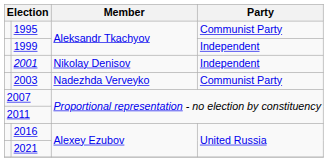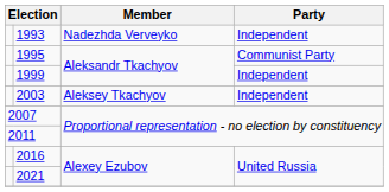 <table class="wikitable">
 <tr>
 <th colspan="2">Election</th>
 <th>Member</th>
 <th>Party</th>
+</tr>
+<tr>
+<td style="background-color: "></td>
+<td><a href='#'>1993</a></td>
+<td><a href='#'>Nadezhda Verveyko</a></td>
+<td><a href='#'>Independent</a></td>
 </tr>
 <tr>
 <td style="background-color: "></td>
 <td><a href='#'>1995</a></td>
 <td rowspan=2><a href='#'>Aleksandr Tkachyov</a></td>
 <td><a href='#'>Communist Party</a></td>
 </tr>
 <tr>
 <td style="background-color: "></td>
 <td><a href='#'>1999</a></td>
 <td><a href='#'>Independent</a></td>
 </tr>
 <tr>
-<td style="background-color: "></td>
-<td><em><a href='#'>2001</a></em></td>
-<td><a href='#'>Nikolay Denisov</a></td>
-<td><a href='#'>Independent</a></td>
-</tr>
-<tr>
 <td style="background-color:"></td>
 <td><a href='#'>2003</a></td>
-<td><a href='#'>Nadezhda Verveyko</a></td>
-<td><a href='#'>Communist Party</a></td>
+<td><a href='#'>Aleksey Tkachyov</a></td>
+<td><a href='#'>Independent</a></td>
 </tr>
 <tr>
 <td colspan=2><a href='#'>2007</a></td>
 <td colspan=2 rowspan=2><em><a href='#'>Proportional representation</a> - no election by constituency</em></td>
 </tr>
 <tr>
 <td colspan=2><a href='#'>2011</a></td>
 </tr>
 <tr>
 <td style="background-color: "></td>
 <td><a href='#'>2016</a></td>
 <td rowspan=2><a href='#'>Alexey Ezubov</a></td>
 <td rowspan=2><a href='#'>United Russia</a></td>
 </tr>
 <tr>
 <td style="background-color: "></td>
 <td><a href='#'>2021</a></td>
 </tr>
 <tr>
 </tr>
 </table>
